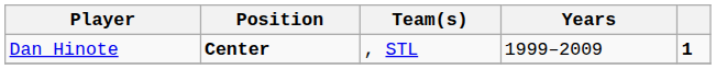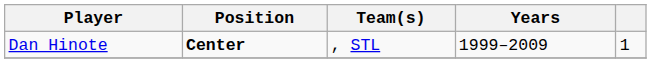 <table class="wikitable" width=40%>
 <tr>
 <th>Player</th>
 <th>Position</th>
 <th>Team(s)</th>
 <th>Years</th>
 <th><a href='#'></a></th>
 </tr>
 <tr>
 <td><a href='#'>Dan Hinote</a></td>
 <td><strong>Center</strong></td>
 <td><span><strong></strong></span>, <a href='#'>STL</a></td>
 <td>1999–2009</td>
-<td><strong>1</strong></td>
+<td>1</td>
 </tr>
 <tr>
 </tr>
 </table>
